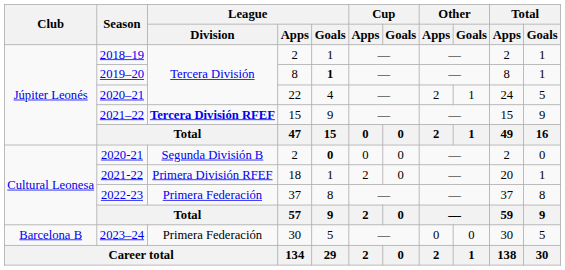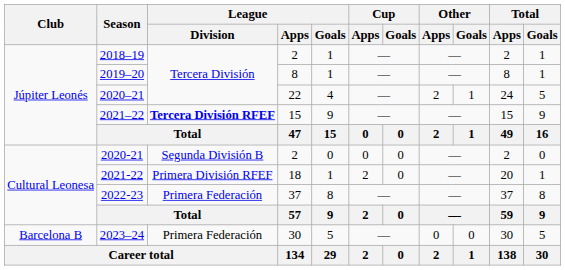 <table class=wikitable style=text-align:center>
 <tr>
 <th rowspan=2>Club</th>
 <th rowspan=2>Season</th>
 <th colspan=3>League</th>
 <th colspan=2>Cup</th>
 <th colspan=2>Other</th>
 <th colspan=2>Total</th>
 </tr>
 <tr>
 <th>Division</th>
 <th>Apps</th>
 <th>Goals</th>
 <th>Apps</th>
 <th>Goals</th>
 <th>Apps</th>
 <th>Goals</th>
 <th>Apps</th>
 <th>Goals</th>
 </tr>
 <tr>
 <td rowspan="5"><a href='#'>Júpiter Leonés</a></td>
 <td><a href='#'>2018–19</a></td>
 <td rowspan="3"><a href='#'>Tercera División</a></td>
 <td>2</td>
 <td>1</td>
 <td colspan="2">—</td>
 <td colspan="2">—</td>
 <td>2</td>
 <td>1</td>
 </tr>
 <tr>
 <td><a href='#'>2019–20</a></td>
 <td>8</td>
-<td><strong>1</strong></td>
+<td>1</td>
 <td colspan="2">—</td>
 <td colspan="2">—</td>
 <td>8</td>
 <td>1</td>
 </tr>
 <tr>
 <td><a href='#'>2020–21</a></td>
 <td>22</td>
 <td>4</td>
 <td colspan="2">—</td>
 <td>2</td>
 <td>1</td>
 <td>24</td>
 <td>5</td>
 </tr>
 <tr>
 <td><a href='#'>2021–22</a></td>
 <td><strong><a href='#'>Tercera División RFEF</a></strong></td>
 <td>15</td>
 <td>9</td>
 <td colspan="2">—</td>
 <td colspan="2">—</td>
 <td>15</td>
 <td>9</td>
 </tr>
 <tr>
 <th colspan="2">Total</th>
 <th>47</th>
 <th>15</th>
 <th>0</th>
 <th>0</th>
 <th>2</th>
 <th>1</th>
 <th>49</th>
 <th>16</th>
 </tr>
 <tr>
 <td rowspan="4"><a href='#'>Cultural Leonesa</a></td>
 <td><a href='#'>2020-21</a></td>
 <td><a href='#'>Segunda División B</a></td>
 <td>2</td>
-<td><strong>0</strong></td>
+<td>0</td>
 <td>0</td>
 <td>0</td>
 <td colspan="2">—</td>
 <td>2</td>
 <td>0</td>
 </tr>
 <tr>
 <td><a href='#'>2021-22</a></td>
 <td><a href='#'>Primera División RFEF</a></td>
 <td>18</td>
 <td>1</td>
 <td>2</td>
 <td>0</td>
 <td colspan="2">—</td>
 <td>20</td>
 <td>1</td>
 </tr>
 <tr>
 <td><a href='#'>2022-23</a></td>
 <td><a href='#'>Primera Federación</a></td>
 <td>37</td>
 <td>8</td>
 <td colspan="2">—</td>
 <td colspan="2">—</td>
 <td>37</td>
 <td>8</td>
 </tr>
 <tr>
 <th colspan="2">Total</th>
 <th>57</th>
 <th>9</th>
 <th>2</th>
 <th>0</th>
 <th colspan="2">—</th>
 <th>59</th>
 <th>9</th>
 </tr>
 <tr>
 <td><a href='#'>Barcelona B</a></td>
 <td><a href='#'>2023–24</a></td>
 <td>Primera Federación</td>
 <td>30</td>
 <td>5</td>
 <td colspan="2">—</td>
 <td>0</td>
 <td>0</td>
 <td>30</td>
 <td>5</td>
 </tr>
 <tr>
 <th colspan="3">Career total</th>
 <th>134</th>
 <th>29</th>
 <th>2</th>
 <th>0</th>
 <th>2</th>
 <th>1</th>
 <th>138</th>
 <th>30</th>
 </tr>
 </table>
